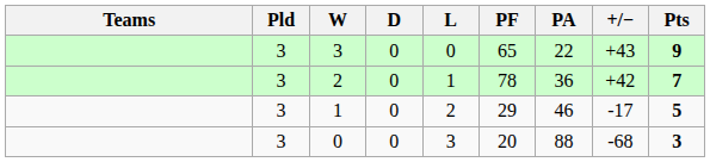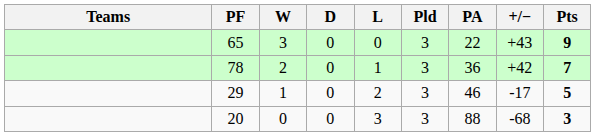 <table class="wikitable" style="text-align: center;">
 <tr>
 <th width="200">Teams</th>
-<th width="40">Pld</th>
+<th width="40">PF</th>
 <th width="40">W</th>
 <th width="40">D</th>
 <th width="40">L</th>
-<th width="40">PF</th>
+<th width="40">Pld</th>
 <th width="40">PA</th>
 <th width="40">+/−</th>
 <th width="40">Pts</th>
 </tr>
 <tr bgcolor=ccffcc>
 <td align=left></td>
-<td>3</td>
+<td>65</td>
 <td>3</td>
 <td>0</td>
 <td>0</td>
-<td>65</td>
+<td>3</td>
 <td>22</td>
 <td>+43</td>
 <td><strong>9</strong></td>
 </tr>
 <tr bgcolor=ccffcc>
 <td align=left></td>
-<td>3</td>
+<td>78</td>
 <td>2</td>
 <td>0</td>
 <td>1</td>
-<td>78</td>
+<td>3</td>
 <td>36</td>
 <td>+42</td>
 <td><strong>7</strong></td>
 </tr>
 <tr>
 <td align=left></td>
-<td>3</td>
+<td>29</td>
 <td>1</td>
 <td>0</td>
 <td>2</td>
-<td>29</td>
+<td>3</td>
 <td>46</td>
 <td>-17</td>
 <td><strong>5</strong></td>
 </tr>
 <tr>
 <td align=left></td>
-<td>3</td>
+<td>20</td>
 <td>0</td>
 <td>0</td>
 <td>3</td>
-<td>20</td>
+<td>3</td>
 <td>88</td>
 <td>-68</td>
 <td><strong>3</strong></td>
 </tr>
 </table>
